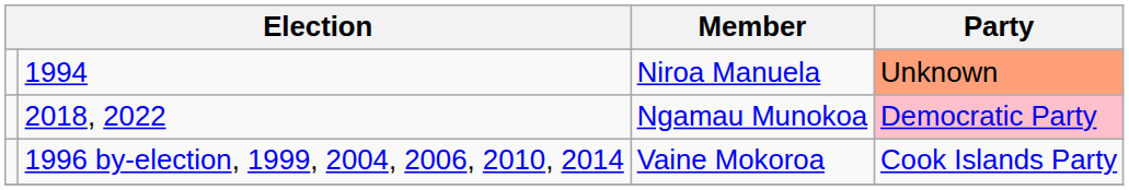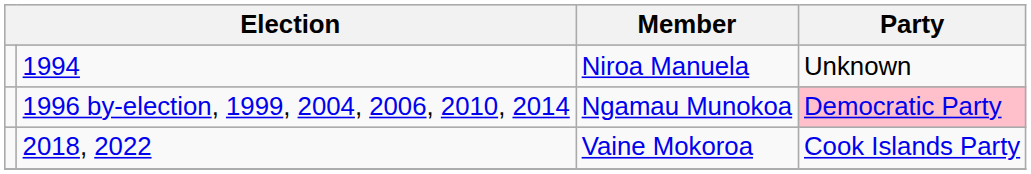 <table class="wikitable">
 <tr>
 <th colspan="2">Election</th>
 <th>Member</th>
 <th>Party</th>
 </tr>
 <tr>
 <td style="background-color: "></td>
 <td><a href='#'>1994</a></td>
 <td><a href='#'>Niroa Manuela</a></td>
-<td style="background: lightsalmon;">Unknown</td>
+<td>Unknown</td>
 </tr>
 <tr>
 <td style="background-color: "></td>
-<td><a href='#'>2018</a>, <a href='#'>2022</a></td>
+<td><a href='#'>1996 by-election</a>, <a href='#'>1999</a>, <a href='#'>2004</a>, <a href='#'>2006</a>, <a href='#'>2010</a>, <a href='#'>2014</a></td>
 <td><a href='#'>Ngamau Munokoa</a></td>
 <td style="background: pink;"><a href='#'>Democratic Party</a></td>
 </tr>
 <tr>
 <td style="background-color: "></td>
-<td><a href='#'>1996 by-election</a>, <a href='#'>1999</a>, <a href='#'>2004</a>, <a href='#'>2006</a>, <a href='#'>2010</a>, <a href='#'>2014</a></td>
+<td><a href='#'>2018</a>, <a href='#'>2022</a></td>
 <td><a href='#'>Vaine Mokoroa</a></td>
 <td><a href='#'>Cook Islands Party</a></td>
 </tr>
 <tr>
 </tr>
 </table>
